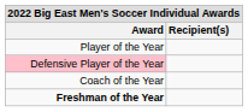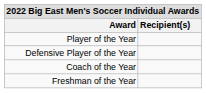 <table class="wikitable" style="white-space:nowrap; font-size:90%;">
 <tr>
 <td colspan="7" style="text-align:center; background:#ddd;"><strong>2022 Big East Men's Soccer Individual Awards</strong></td>
 </tr>
 <tr>
 <th style="text-align:right;">Award</th>
 <th style="text-align:left;">Recipient(s)</th>
 </tr>
 <tr>
 <td style="text-align:right;">Player of the Year</td>
 <td style="text-align:left;"></td>
 </tr>
 <tr>
-<td style="background: pink; text-align:right;">Defensive Player of the Year</td>
+<td style="text-align:right;">Defensive Player of the Year</td>
 <td style="text-align:left;"></td>
 </tr>
 <tr>
 <td style="text-align:right;">Coach of the Year</td>
 <td style="text-align:left;"></td>
 </tr>
 <tr>
-<td style="text-align:right;"><strong>Freshman of the Year</strong></td>
+<td style="text-align:right;">Freshman of the Year</td>
 <td style="text-align:left;"></td>
 </tr>
 </table>
